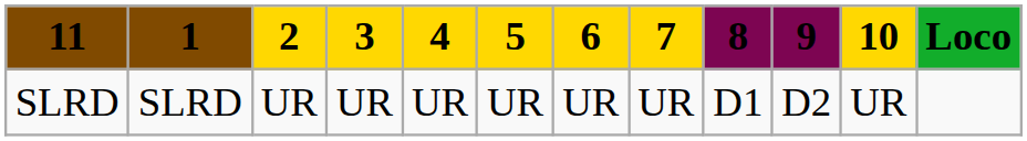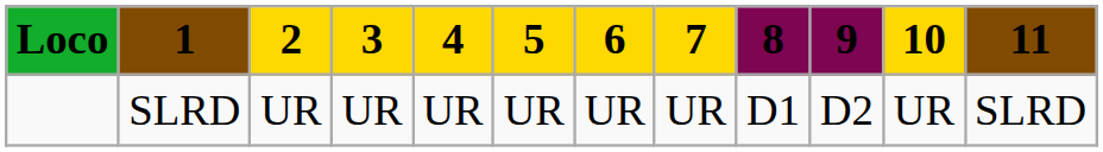 <table class="wikitable plainrowheaders unsortable" style="text-align:center">
 <tr>
-<th scope="col" rowspan="1" style="background:#804a00;"><span> 11</span></th>
+<th scope="col" rowspan="1" style="background:#12ad2b;"><span> Loco</span></th>
 <th scope="col" rowspan="1" style="background:#804a00;"><span> 1</span></th>
 <th scope="col" rowspan="1" style="background:#ffd801;"><span> 2</span></th>
 <th scope="col" rowspan="1" style="background:#ffd801;"><span> 3</span></th>
 <th scope="col" rowspan="1" style="background:#ffd801;"><span> 4</span></th>
 <th scope="col" rowspan="1" style="background:#ffd801;"><span> 5</span></th>
 <th scope="col" rowspan="1" style="background:#ffd801;"><span> 6</span></th>
 <th scope="col" rowspan="1" style="background:#ffd801;"><span> 7</span></th>
 <th scope="col" rowspan="1" style="background:#7d0552;"><span> 8</span></th>
 <th scope="col" rowspan="1" style="background:#7d0552;"><span> 9</span></th>
 <th scope="col" rowspan="1" style="background:#ffd801;"><span> 10</span></th>
-<th scope="col" rowspan="1" style="background:#12ad2b;"><span> Loco</span></th>
+<th scope="col" rowspan="1" style="background:#804a00;"><span> 11</span></th>
 </tr>
 <tr>
-<td><span>SLRD</span></td>
+<td></td>
 <td><span> SLRD</span></td>
 <td><span>UR</span></td>
 <td><span>UR</span></td>
 <td><span>UR</span></td>
 <td><span>UR</span></td>
 <td><span>UR</span></td>
 <td><span>UR</span></td>
 <td><span>D1</span></td>
 <td><span>D2</span></td>
 <td><span>UR</span></td>
-<td></td>
+<td><span>SLRD</span></td>
 </tr>
 </table>
